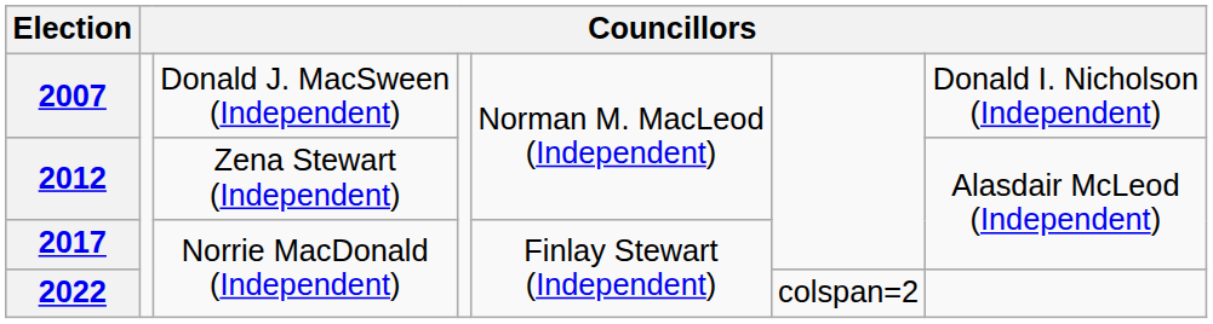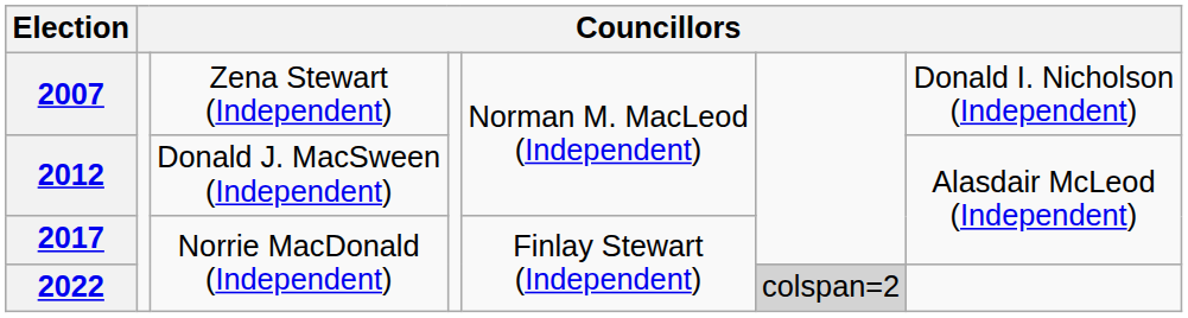 <table class="wikitable" style="text-align:center">
 <tr>
 <th>Election</th>
 <th colspan=8>Councillors</th>
 </tr>
 <tr>
 <th><a href='#'>2007</a></th>
 <td rowspan=4; style="background-color: "></td>
-<td rowspan=1>Donald J. MacSween<br>(<a href='#'>Independent</a>)</td>
+<td rowspan=1>Zena Stewart<br>(<a href='#'>Independent</a>)</td>
 <td rowspan=4; style="background-color: "></td>
 <td rowspan=2>Norman M. MacLeod<br>(<a href='#'>Independent</a>)</td>
 <td rowspan=3; style="background-color: "></td>
 <td rowspan=1>Donald I. Nicholson<br>(<a href='#'>Independent</a>)</td>
 </tr>
 <tr>
 <th><a href='#'>2012</a></th>
-<td rowspan=1>Zena Stewart<br>(<a href='#'>Independent</a>)</td>
+<td rowspan=1>Donald J. MacSween<br>(<a href='#'>Independent</a>)</td>
 <td rowspan=2>Alasdair McLeod<br>(<a href='#'>Independent</a>)</td>
 </tr>
 <tr>
 <th><a href='#'>2017</a></th>
 <td rowspan=2>Norrie MacDonald<br>(<a href='#'>Independent</a>)</td>
 <td rowspan=2>Finlay Stewart<br>(<a href='#'>Independent</a>)</td>
 </tr>
 <tr>
 <th><a href='#'>2022</a></th>
-<td>colspan=2 </td>
+<td style="background: lightgrey;">colspan=2 </td>
 </tr>
 </table>
